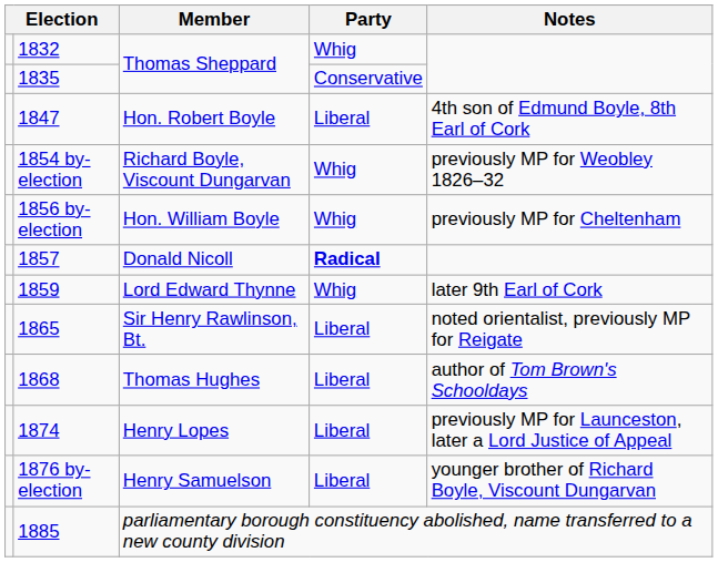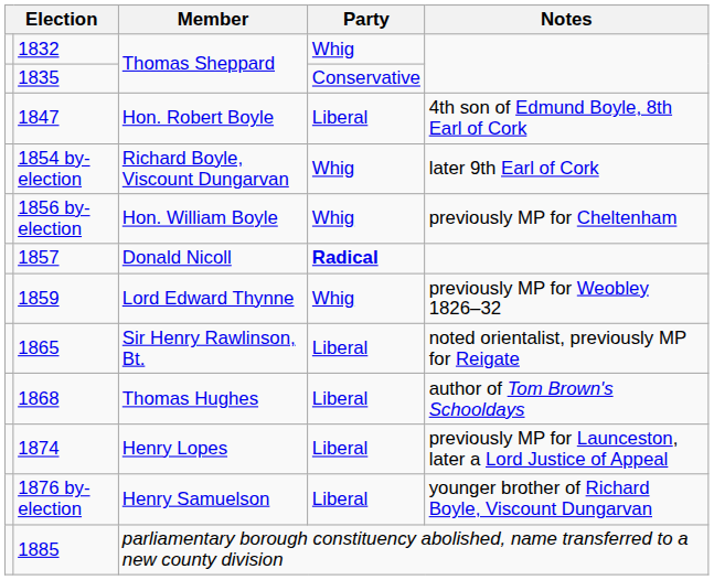 <table class="wikitable">
 <tr>
 <th colspan="2">Election</th>
 <th>Member</th>
 <th>Party</th>
 <th>Notes</th>
 </tr>
 <tr>
 <td style="color:inherit;background-color: "></td>
 <td><a href='#'>1832</a></td>
 <td rowspan="2"><a href='#'>Thomas Sheppard</a></td>
 <td><a href='#'>Whig</a></td>
 <td rowspan="2"></td>
 </tr>
 <tr>
 <td style="color:inherit;background-color: "></td>
 <td><a href='#'>1835</a></td>
 <td><a href='#'>Conservative</a></td>
 </tr>
 <tr>
 <td style="color:inherit;background-color: "></td>
 <td><a href='#'>1847</a></td>
 <td><a href='#'>Hon. Robert Boyle</a></td>
 <td><a href='#'>Liberal</a></td>
 <td>4th son of <a href='#'>Edmund Boyle, 8th Earl of Cork</a></td>
 </tr>
 <tr>
 <td style="color:inherit;background-color: "></td>
 <td><a href='#'>1854 by-election</a></td>
 <td><a href='#'>Richard Boyle, Viscount Dungarvan</a></td>
 <td><a href='#'>Whig</a></td>
-<td>previously MP for <a href='#'>Weobley</a> 1826–32</td>
+<td>later  9th <a href='#'>Earl of Cork</a></td>
 </tr>
 <tr>
 <td style="color:inherit;background-color: "></td>
 <td><a href='#'>1856 by-election</a></td>
 <td><a href='#'>Hon. William Boyle</a></td>
 <td><a href='#'>Whig</a></td>
 <td>previously MP for <a href='#'>Cheltenham</a></td>
 </tr>
 <tr>
 <td style="color:inherit;background-color: "></td>
 <td><a href='#'>1857</a></td>
 <td><a href='#'>Donald Nicoll</a></td>
 <td><strong><a href='#'>Radical</a></strong></td>
 <td></td>
 </tr>
 <tr>
 <td style="color:inherit;background-color: "></td>
 <td><a href='#'>1859</a></td>
 <td><a href='#'>Lord Edward Thynne</a></td>
 <td><a href='#'>Whig</a></td>
-<td>later  9th <a href='#'>Earl of Cork</a></td>
+<td>previously MP for <a href='#'>Weobley</a> 1826–32</td>
 </tr>
 <tr>
 <td style="color:inherit;background-color: "></td>
 <td><a href='#'>1865</a></td>
 <td><a href='#'>Sir Henry Rawlinson, Bt.</a></td>
 <td><a href='#'>Liberal</a></td>
 <td>noted orientalist, previously MP for <a href='#'>Reigate</a></td>
 </tr>
 <tr>
 <td style="color:inherit;background-color: "></td>
 <td><a href='#'>1868</a></td>
 <td><a href='#'>Thomas Hughes</a></td>
 <td><a href='#'>Liberal</a></td>
 <td>author of <em><a href='#'>Tom Brown's Schooldays</a></em></td>
 </tr>
 <tr>
 <td style="color:inherit;background-color: "></td>
 <td><a href='#'>1874</a></td>
 <td><a href='#'>Henry Lopes</a></td>
 <td><a href='#'>Liberal</a></td>
 <td>previously MP for <a href='#'>Launceston</a>, later a <a href='#'>Lord Justice of Appeal</a></td>
 </tr>
 <tr>
 <td style="color:inherit;background-color: "></td>
 <td><a href='#'>1876 by-election</a></td>
 <td><a href='#'>Henry Samuelson</a></td>
 <td><a href='#'>Liberal</a></td>
 <td>younger brother of <a href='#'>Richard Boyle, Viscount Dungarvan</a></td>
 </tr>
 <tr>
 <td></td>
 <td><a href='#'>1885</a></td>
 <td colspan="3"><em>parliamentary borough constituency abolished, name transferred to a new county division</em></td>
 </tr>
 </table>
